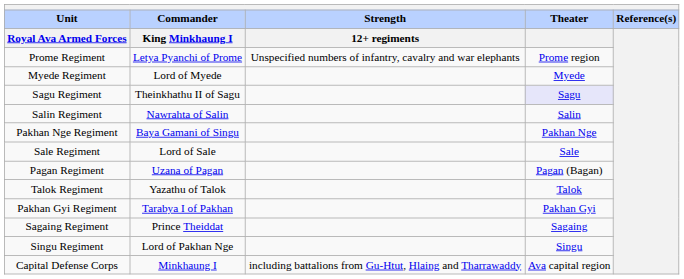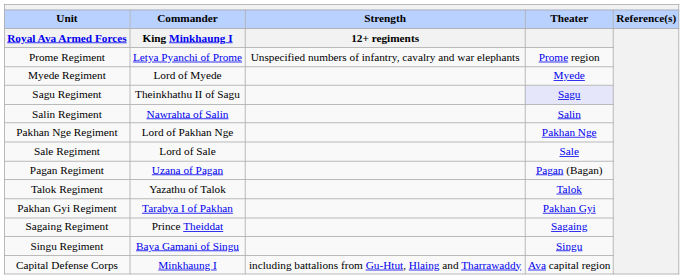 <table class="wikitable collapsible" style="min-width:60em; margin:0.3em auto; font-size:88%;">
 <tr>
 <th colspan=5></th>
 </tr>
 <tr>
 <th style="background-color:#B9D1FF">Unit</th>
 <th style="background-color:#B9D1FF">Commander</th>
 <th style="background-color:#B9D1FF">Strength</th>
 <th style="background-color:#B9D1FF">Theater</th>
 <th style="background-color:#B9D1FF">Reference(s)</th>
 </tr>
 <tr>
 <th colspan="1"><a href='#'>Royal Ava Armed Forces</a></th>
 <th colspan="1">King <a href='#'>Minkhaung I</a></th>
 <th colspan="1">12+ regiments</th>
 <th colspan="1"></th>
 <th rowspan="13"></th>
 </tr>
 <tr>
 <td align="center">Prome Regiment</td>
 <td align="center"><a href='#'>Letya Pyanchi of Prome</a></td>
 <td align="center">Unspecified numbers of infantry, cavalry and war elephants</td>
 <td align="center"><a href='#'>Prome</a> region</td>
 </tr>
 <tr>
 <td align="center">Myede Regiment</td>
 <td align="center">Lord of Myede</td>
 <td align="center"></td>
 <td align="center"><a href='#'>Myede</a></td>
 </tr>
 <tr>
 <td align="center">Sagu Regiment</td>
 <td align="center">Theinkhathu II of Sagu</td>
 <td align="center"></td>
 <td align="center" style="background: lavender;"><a href='#'>Sagu</a></td>
 </tr>
 <tr>
 <td align="center">Salin Regiment</td>
 <td align="center"><a href='#'>Nawrahta of Salin</a></td>
 <td align="center"></td>
 <td align="center"><a href='#'>Salin</a></td>
 </tr>
 <tr>
 <td align="center">Pakhan Nge Regiment</td>
-<td align="center"><a href='#'>Baya Gamani of Singu</a></td>
+<td align="center">Lord of Pakhan Nge</td>
 <td align="center"></td>
 <td align="center"><a href='#'>Pakhan Nge</a></td>
 </tr>
 <tr>
 <td align="center">Sale Regiment</td>
 <td align="center">Lord of Sale</td>
 <td align="center"></td>
 <td align="center"><a href='#'>Sale</a></td>
 </tr>
 <tr>
 <td align="center">Pagan Regiment</td>
 <td align="center"><a href='#'>Uzana of Pagan</a></td>
 <td align="center"></td>
 <td align="center"><a href='#'>Pagan</a> (Bagan)</td>
 </tr>
 <tr>
 <td align="center">Talok Regiment</td>
 <td align="center">Yazathu of Talok</td>
 <td align="center"></td>
 <td align="center"><a href='#'>Talok</a></td>
 </tr>
 <tr>
 <td align="center">Pakhan Gyi Regiment</td>
 <td align="center"><a href='#'>Tarabya I of Pakhan</a></td>
 <td align="center"></td>
 <td align="center"><a href='#'>Pakhan Gyi</a></td>
 </tr>
 <tr>
 <td align="center">Sagaing Regiment</td>
 <td align="center">Prince <a href='#'>Theiddat</a></td>
 <td align="center"></td>
 <td align="center"><a href='#'>Sagaing</a></td>
 </tr>
 <tr>
 <td align="center">Singu Regiment</td>
-<td align="center">Lord of Pakhan Nge</td>
+<td align="center"><a href='#'>Baya Gamani of Singu</a></td>
 <td align="center"></td>
 <td align="center"><a href='#'>Singu</a></td>
 </tr>
 <tr>
 <td align="center">Capital Defense Corps</td>
 <td align="center"><a href='#'>Minkhaung I</a></td>
 <td align="center">including battalions from <a href='#'>Gu-Htut</a>, <a href='#'>Hlaing</a> and <a href='#'>Tharrawaddy</a></td>
 <td align="center"><a href='#'>Ava</a> capital region</td>
 </tr>
 </table>
